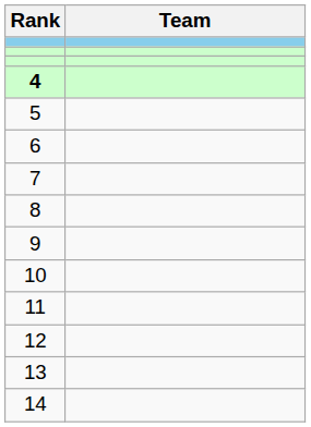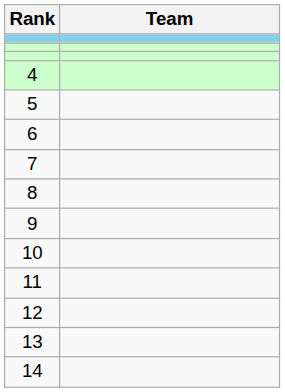 <table class="wikitable" style="text-align: center;">
 <tr>
 <th width=40>Rank</th>
 <th width=180>Team</th>
 </tr>
 <tr bgcolor=#87ceeb>
 <td></td>
 <td style="text-align:left;"></td>
 </tr>
 <tr bgcolor=#CCFFCC>
 <td></td>
 <td style="text-align:left;"></td>
 </tr>
 <tr bgcolor=#ccffcc>
 <td></td>
 <td style="text-align:left;"></td>
 </tr>
 <tr bgcolor=#ccffcc>
-<td><strong>4</strong></td>
+<td>4</td>
 <td style="text-align:left;"></td>
 </tr>
 <tr align=center>
 <td>5</td>
 <td style="text-align:left;"></td>
 </tr>
 <tr align=center>
 <td>6</td>
 <td style="text-align:left;"></td>
 </tr>
 <tr align=center>
 <td>7</td>
 <td style="text-align:left;"></td>
 </tr>
 <tr align=center>
 <td>8</td>
 <td style="text-align:left;"></td>
 </tr>
 <tr align=center>
 <td>9</td>
 <td style="text-align:left;"></td>
 </tr>
 <tr align=center>
 <td>10</td>
 <td style="text-align:left;"></td>
 </tr>
 <tr align=center>
 <td>11</td>
 <td style="text-align:left;"></td>
 </tr>
 <tr align=center>
 <td>12</td>
 <td style="text-align:left;"></td>
 </tr>
 <tr align=center>
 <td>13</td>
 <td style="text-align:left;"></td>
 </tr>
 <tr align=center>
 <td>14</td>
 <td style="text-align:left;"></td>
 </tr>
 </table>
